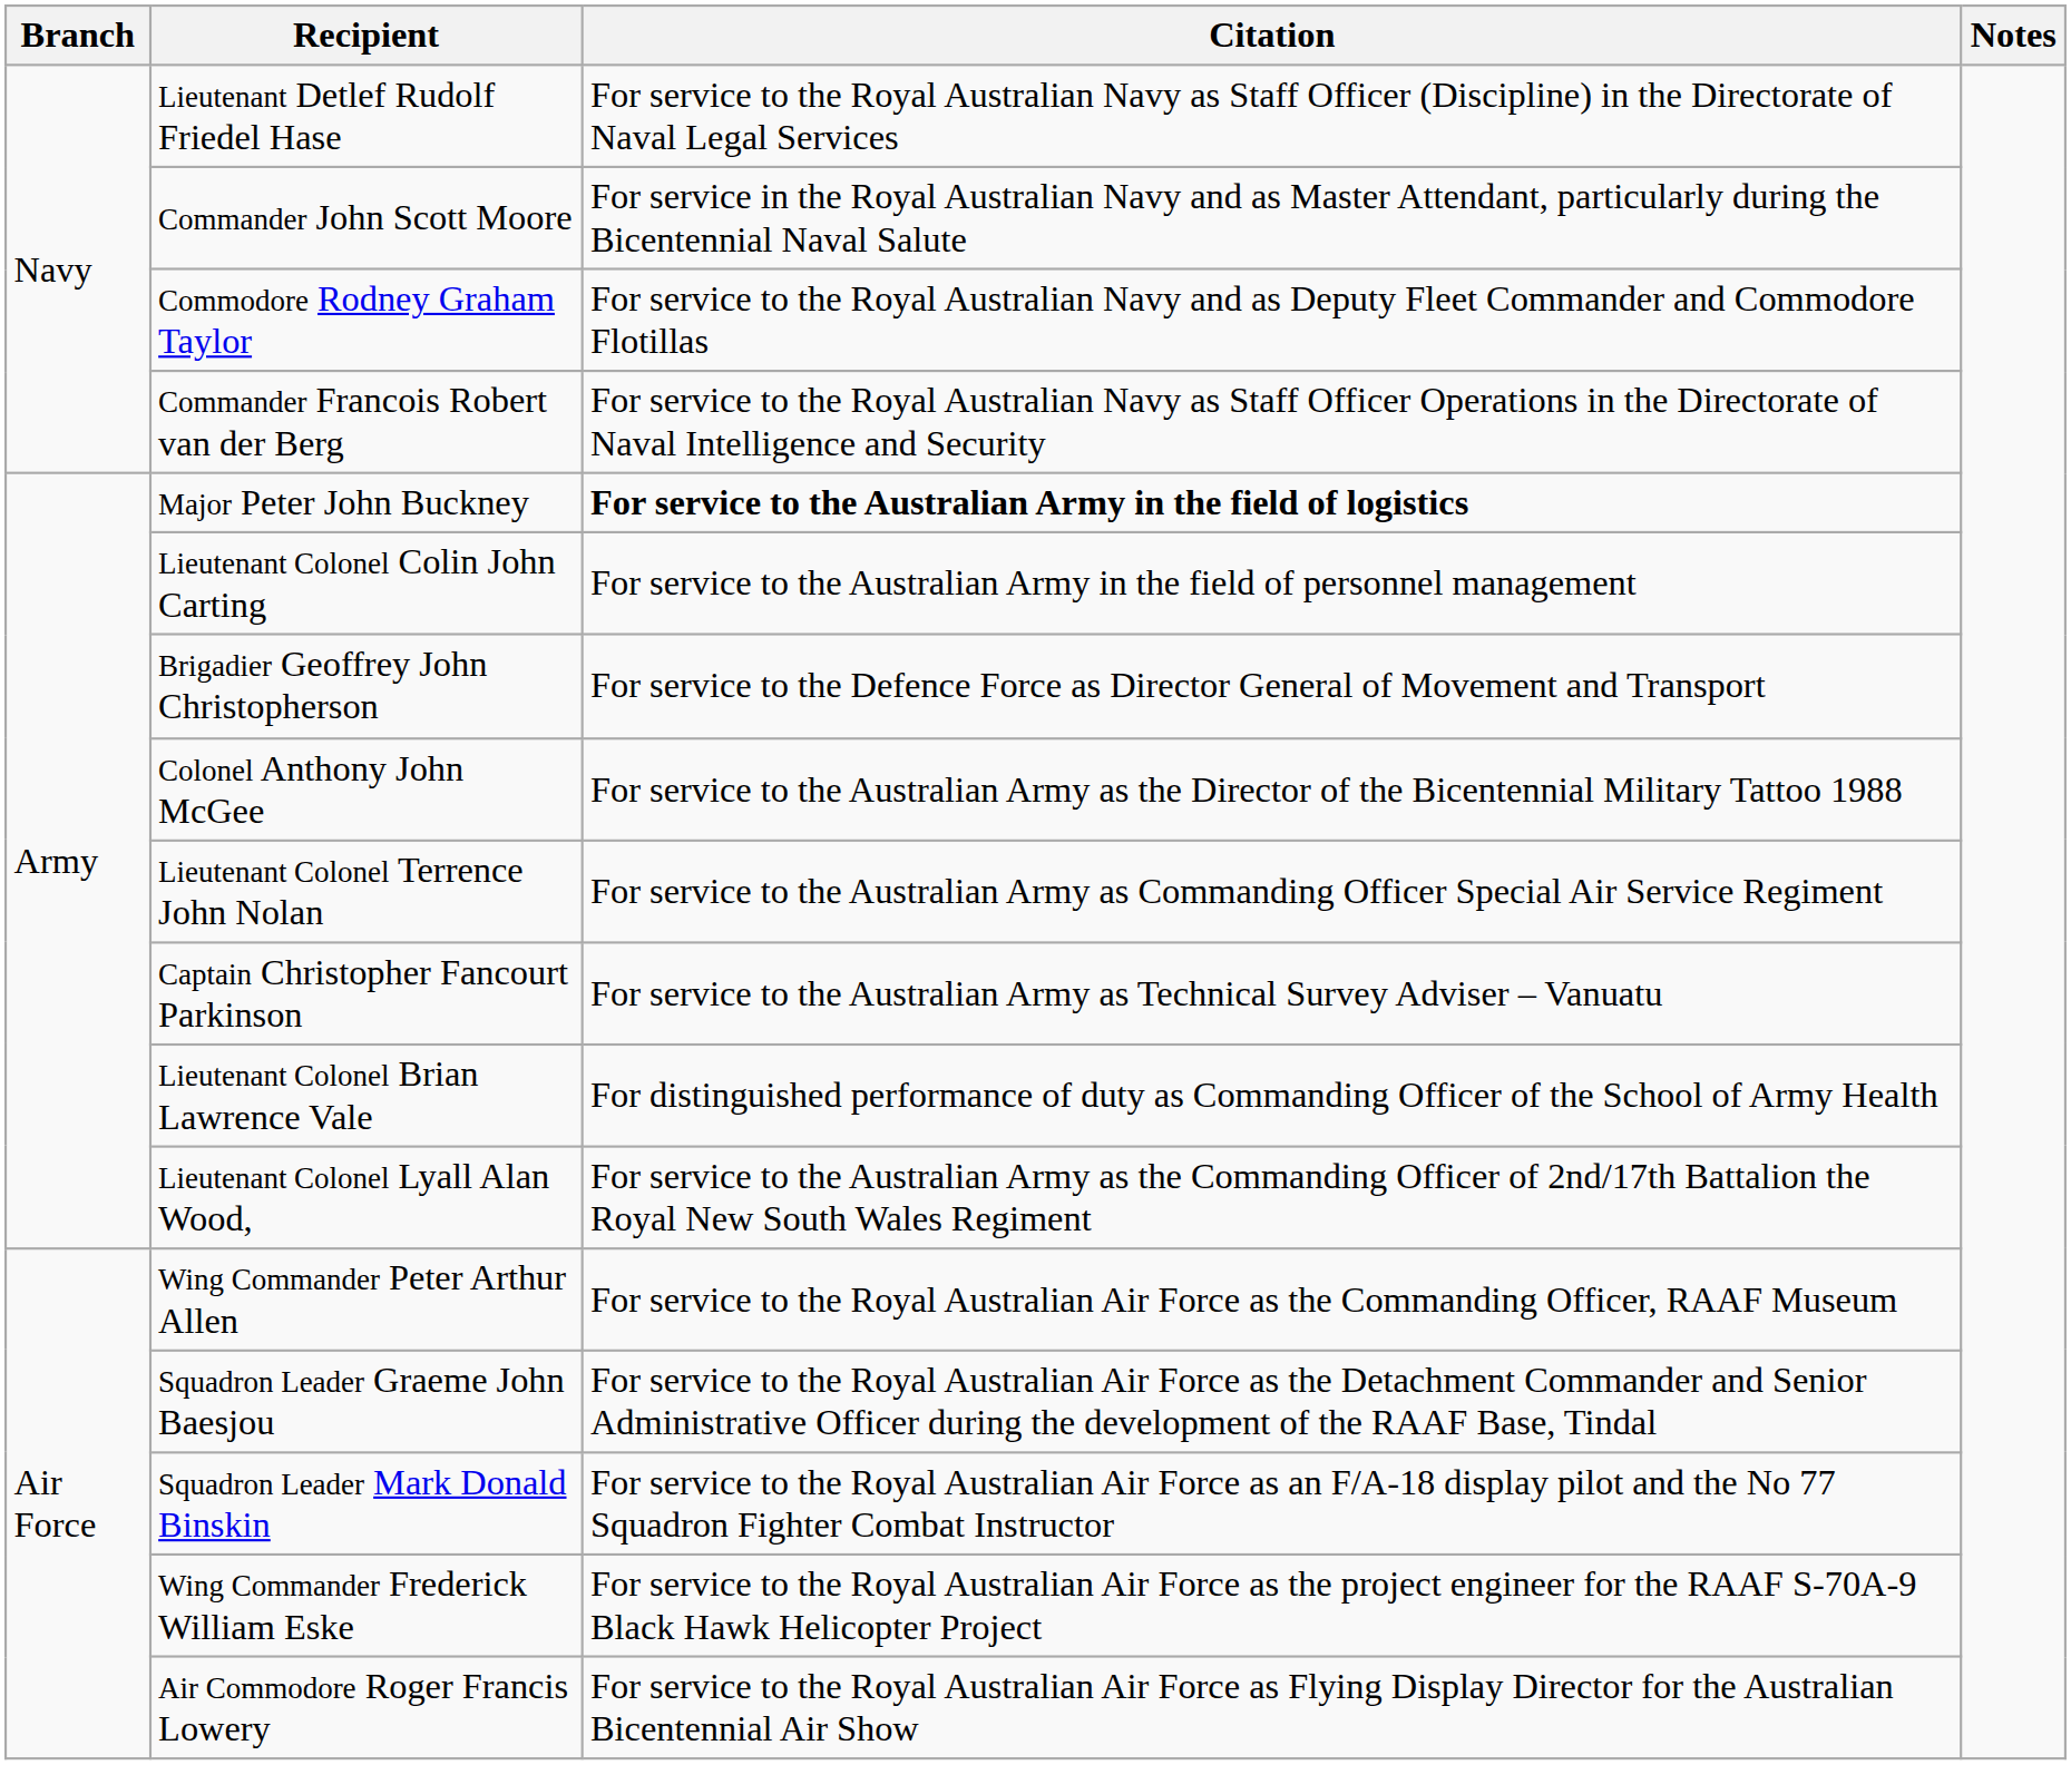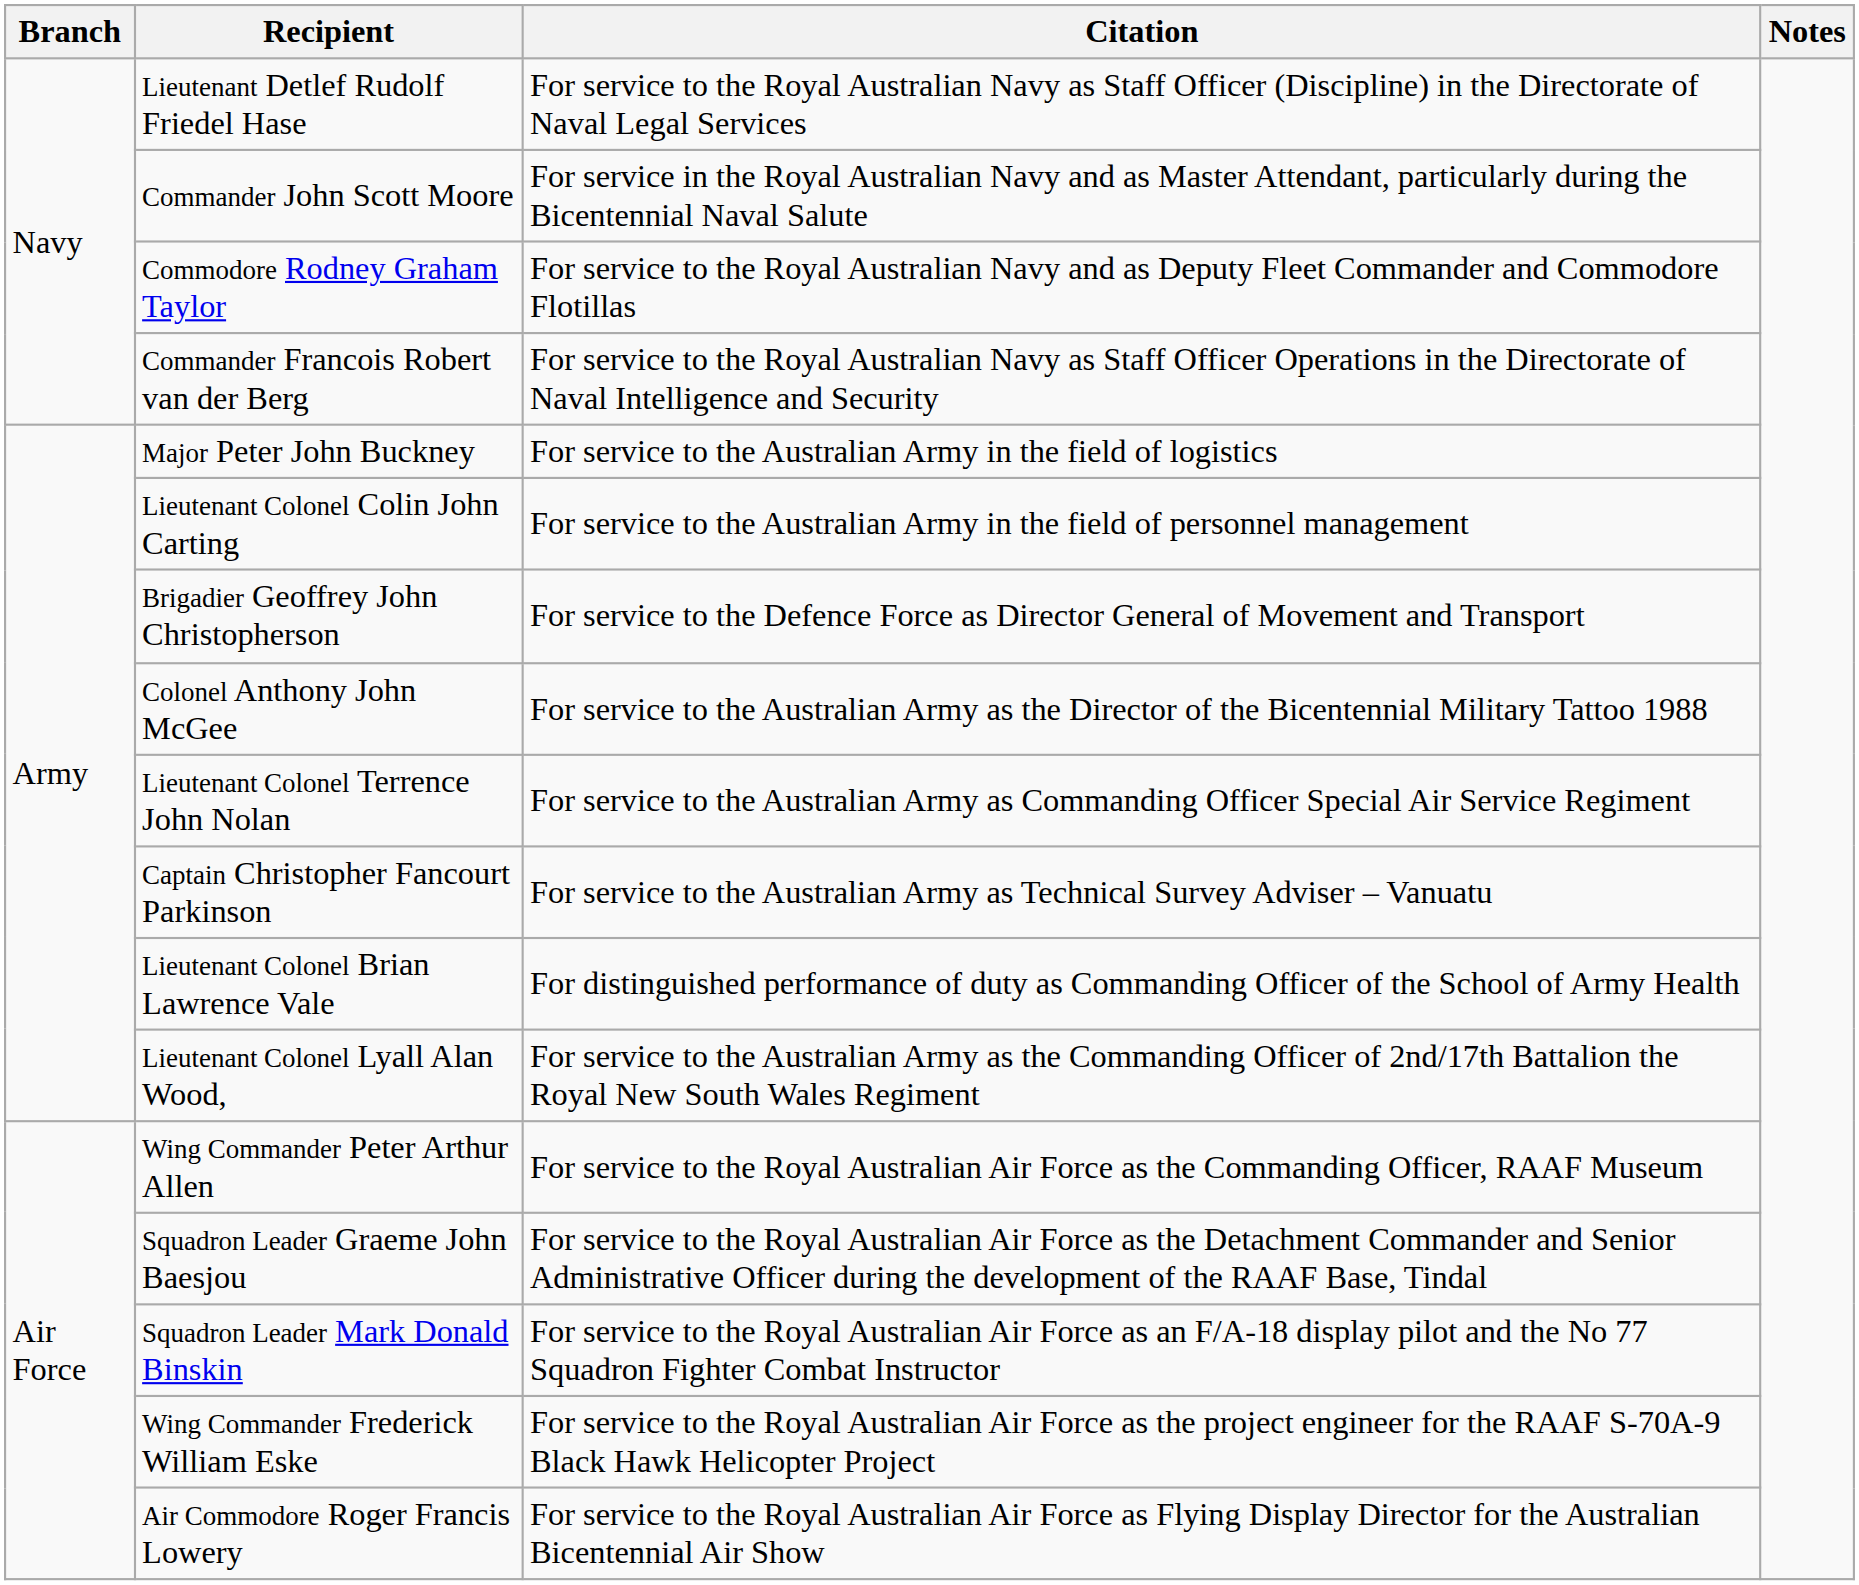 <table class="wikitable" style="font-size:95%;">
 <tr>
 <th>Branch</th>
 <th>Recipient</th>
 <th>Citation</th>
 <th>Notes</th>
 </tr>
 <tr>
 <td rowspan="4">Navy</td>
 <td><small>Lieutenant</small> Detlef Rudolf Friedel Hase</td>
 <td>For service to the Royal Australian Navy as Staff Officer (Discipline) in the Directorate of Naval Legal Services</td>
 <td rowspan="17"></td>
 </tr>
 <tr>
 <td><small>Commander</small> John Scott Moore</td>
 <td>For service in the Royal Australian Navy and as Master Attendant, particularly during the Bicentennial Naval Salute</td>
 </tr>
 <tr>
 <td><small>Commodore</small> <a href='#'>Rodney Graham Taylor</a></td>
 <td>For service to the Royal Australian Navy and as Deputy Fleet Commander and Commodore Flotillas</td>
 </tr>
 <tr>
 <td><small>Commander</small> Francois Robert van der Berg</td>
 <td>For service to the Royal Australian Navy as Staff Officer Operations in the Directorate of Naval Intelligence and Security</td>
 </tr>
 <tr>
 <td rowspan="8">Army</td>
 <td><small>Major</small> Peter John Buckney</td>
-<td><strong>For service to the Australian Army in the field of logistics</strong></td>
+<td>For service to the Australian Army in the field of logistics</td>
 </tr>
 <tr>
 <td><small>Lieutenant Colonel</small> Colin John Carting</td>
 <td>For service to the Australian Army in the field of personnel management</td>
 </tr>
 <tr>
 <td><small>Brigadier</small> Geoffrey John Christopherson</td>
 <td>For service to the Defence Force as Director General of Movement and Transport</td>
 </tr>
 <tr>
 <td><small>Colonel</small> Anthony John McGee</td>
 <td>For service to the Australian Army as the Director of the Bicentennial Military Tattoo 1988</td>
 </tr>
 <tr>
 <td><small>Lieutenant Colonel</small> Terrence John Nolan</td>
 <td>For service to the Australian Army as Commanding Officer Special Air Service Regiment</td>
 </tr>
 <tr>
 <td><small>Captain</small> Christopher Fancourt Parkinson</td>
 <td>For service to the Australian Army as Technical Survey Adviser – Vanuatu</td>
 </tr>
 <tr>
 <td><small>Lieutenant Colonel</small> Brian Lawrence Vale</td>
 <td>For distinguished performance of duty as Commanding Officer of the School of Army Health</td>
 </tr>
 <tr>
 <td><small>Lieutenant Colonel</small> Lyall Alan Wood, </td>
 <td>For service to the Australian Army as the Commanding Officer of 2nd/17th Battalion the Royal New South Wales Regiment</td>
 </tr>
 <tr>
 <td rowspan="5">Air Force</td>
 <td><small>Wing Commander</small> Peter Arthur Allen</td>
 <td>For service to the Royal Australian Air Force as the Commanding Officer, RAAF Museum</td>
 </tr>
 <tr>
 <td><small>Squadron Leader</small> Graeme John Baesjou</td>
 <td>For service to the Royal Australian Air Force as the Detachment Commander and Senior Administrative Officer during the development of the RAAF Base, Tindal</td>
 </tr>
 <tr>
 <td><small>Squadron Leader</small> <a href='#'>Mark Donald Binskin</a></td>
 <td>For service to the Royal Australian Air Force as an F/A-18 display pilot and the No 77 Squadron Fighter Combat Instructor</td>
 </tr>
 <tr>
 <td><small>Wing Commander</small> Frederick William Eske</td>
 <td>For service to the Royal Australian Air Force as the project engineer for the RAAF S-70A-9 Black Hawk Helicopter Project</td>
 </tr>
 <tr>
 <td><small>Air Commodore</small> Roger Francis Lowery</td>
 <td>For service to the Royal Australian Air Force as Flying Display Director for the Australian Bicentennial Air Show</td>
 </tr>
 </table>
